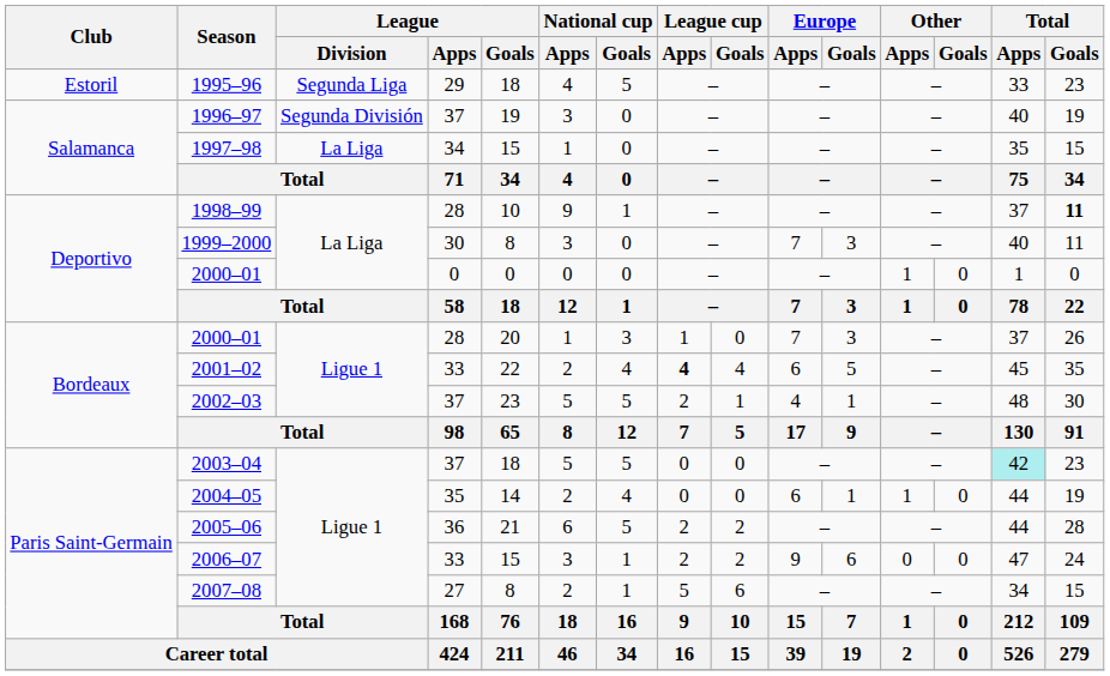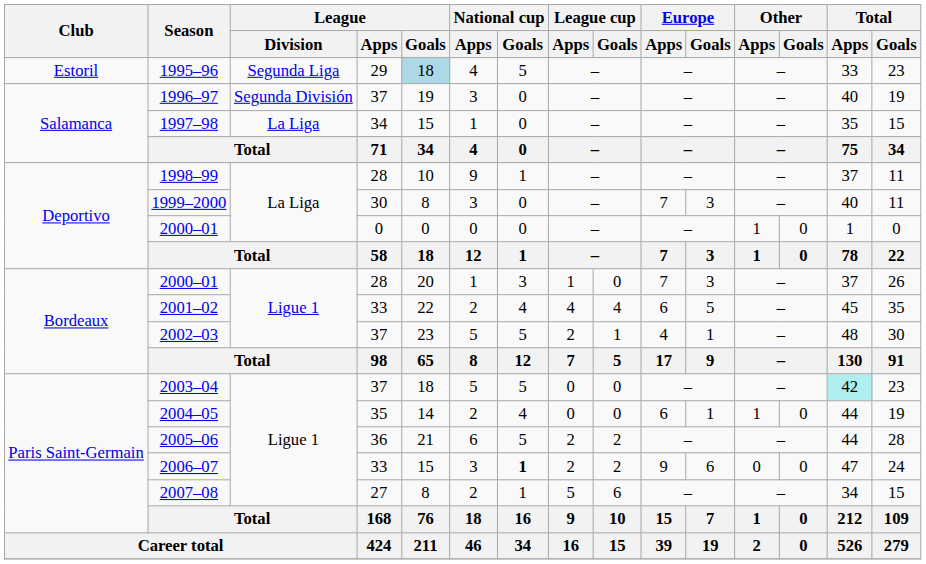 <table class="wikitable" style="text-align:center">
 <tr>
 <th rowspan="2">Club</th>
 <th rowspan="2">Season</th>
 <th colspan="3">League</th>
 <th colspan="2">National cup</th>
 <th colspan="2">League cup</th>
 <th colspan="2"><a href='#'>Europe</a></th>
 <th colspan="2">Other</th>
 <th colspan="2">Total</th>
 </tr>
 <tr>
 <th>Division</th>
 <th>Apps</th>
 <th>Goals</th>
 <th>Apps</th>
 <th>Goals</th>
 <th>Apps</th>
 <th>Goals</th>
 <th>Apps</th>
 <th>Goals</th>
 <th>Apps</th>
 <th>Goals</th>
 <th>Apps</th>
 <th>Goals</th>
 </tr>
 <tr>
 <td><a href='#'>Estoril</a></td>
 <td><a href='#'>1995–96</a></td>
 <td><a href='#'>Segunda Liga</a></td>
 <td>29</td>
-<td>18</td>
+<td style="background: lightblue;">18</td>
 <td>4</td>
 <td>5</td>
 <td colspan="2">–</td>
 <td colspan="2">–</td>
 <td colspan="2">–</td>
 <td>33</td>
 <td>23</td>
 </tr>
 <tr>
 <td rowspan="3"><a href='#'>Salamanca</a></td>
 <td><a href='#'>1996–97</a></td>
 <td><a href='#'>Segunda División</a></td>
 <td>37</td>
 <td>19</td>
 <td>3</td>
 <td>0</td>
 <td colspan="2">–</td>
 <td colspan="2">–</td>
 <td colspan="2">–</td>
 <td>40</td>
 <td>19</td>
 </tr>
 <tr>
 <td><a href='#'>1997–98</a></td>
 <td><a href='#'>La Liga</a></td>
 <td>34</td>
 <td>15</td>
 <td>1</td>
 <td>0</td>
 <td colspan="2">–</td>
 <td colspan="2">–</td>
 <td colspan="2">–</td>
 <td>35</td>
 <td>15</td>
 </tr>
 <tr>
 <th colspan="2">Total</th>
 <th>71</th>
 <th>34</th>
 <th>4</th>
 <th>0</th>
 <th colspan="2">–</th>
 <th colspan="2">–</th>
 <th colspan="2">–</th>
 <th>75</th>
 <th>34</th>
 </tr>
 <tr>
 <td rowspan="4"><a href='#'>Deportivo</a></td>
 <td><a href='#'>1998–99</a></td>
 <td rowspan="3">La Liga</td>
 <td>28</td>
 <td>10</td>
 <td>9</td>
 <td>1</td>
 <td colspan="2">–</td>
 <td colspan="2">–</td>
 <td colspan="2">–</td>
 <td>37</td>
-<td><strong>11</strong></td>
+<td>11</td>
 </tr>
 <tr>
 <td><a href='#'>1999–2000</a></td>
 <td>30</td>
 <td>8</td>
 <td>3</td>
 <td>0</td>
 <td colspan="2">–</td>
 <td>7</td>
 <td>3</td>
 <td colspan="2">–</td>
 <td>40</td>
 <td>11</td>
 </tr>
 <tr>
 <td><a href='#'>2000–01</a></td>
 <td>0</td>
 <td>0</td>
 <td>0</td>
 <td>0</td>
 <td colspan="2">–</td>
 <td colspan="2">–</td>
 <td>1</td>
 <td>0</td>
 <td>1</td>
 <td>0</td>
 </tr>
 <tr>
 <th colspan="2">Total</th>
 <th>58</th>
 <th>18</th>
 <th>12</th>
 <th>1</th>
 <th colspan="2">–</th>
 <th>7</th>
 <th>3</th>
 <th>1</th>
 <th>0</th>
 <th>78</th>
 <th>22</th>
 </tr>
 <tr>
 <td rowspan="4"><a href='#'>Bordeaux</a></td>
 <td><a href='#'>2000–01</a></td>
 <td rowspan="3"><a href='#'>Ligue 1</a></td>
 <td>28</td>
 <td>20</td>
 <td>1</td>
 <td>3</td>
 <td>1</td>
 <td>0</td>
 <td>7</td>
 <td>3</td>
 <td colspan="2">–</td>
 <td>37</td>
 <td>26</td>
 </tr>
 <tr>
 <td><a href='#'>2001–02</a></td>
 <td>33</td>
 <td>22</td>
 <td>2</td>
 <td>4</td>
-<td><strong>4</strong></td>
+<td>4</td>
 <td>4</td>
 <td>6</td>
 <td>5</td>
 <td colspan="2">–</td>
 <td>45</td>
 <td>35</td>
 </tr>
 <tr>
 <td><a href='#'>2002–03</a></td>
 <td>37</td>
 <td>23</td>
 <td>5</td>
 <td>5</td>
 <td>2</td>
 <td>1</td>
 <td>4</td>
 <td>1</td>
 <td colspan="2">–</td>
 <td>48</td>
 <td>30</td>
 </tr>
 <tr>
 <th colspan="2">Total</th>
 <th>98</th>
 <th>65</th>
 <th>8</th>
 <th>12</th>
 <th>7</th>
 <th>5</th>
 <th>17</th>
 <th>9</th>
 <th colspan="2">–</th>
 <th>130</th>
 <th>91</th>
 </tr>
 <tr>
 <td rowspan="6"><a href='#'>Paris Saint-Germain</a></td>
 <td><a href='#'>2003–04</a></td>
 <td rowspan="5">Ligue 1</td>
 <td>37</td>
 <td>18</td>
 <td>5</td>
 <td>5</td>
 <td>0</td>
 <td>0</td>
 <td colspan="2">–</td>
 <td colspan="2">–</td>
 <td style="background: paleturquoise;">42</td>
 <td>23</td>
 </tr>
 <tr>
 <td><a href='#'>2004–05</a></td>
 <td>35</td>
 <td>14</td>
 <td>2</td>
 <td>4</td>
 <td>0</td>
 <td>0</td>
 <td>6</td>
 <td>1</td>
 <td>1</td>
 <td>0</td>
 <td>44</td>
 <td>19</td>
 </tr>
 <tr>
 <td><a href='#'>2005–06</a></td>
 <td>36</td>
 <td>21</td>
 <td>6</td>
 <td>5</td>
 <td>2</td>
 <td>2</td>
 <td colspan="2">–</td>
 <td colspan="2">–</td>
 <td>44</td>
 <td>28</td>
 </tr>
 <tr>
 <td><a href='#'>2006–07</a></td>
 <td>33</td>
 <td>15</td>
 <td>3</td>
-<td>1</td>
+<td><strong>1</strong></td>
 <td>2</td>
 <td>2</td>
 <td>9</td>
 <td>6</td>
 <td>0</td>
 <td>0</td>
 <td>47</td>
 <td>24</td>
 </tr>
 <tr>
 <td><a href='#'>2007–08</a></td>
 <td>27</td>
 <td>8</td>
 <td>2</td>
 <td>1</td>
 <td>5</td>
 <td>6</td>
 <td colspan="2">–</td>
 <td colspan="2">–</td>
 <td>34</td>
 <td>15</td>
 </tr>
 <tr>
 <th colspan="2">Total</th>
 <th>168</th>
 <th>76</th>
 <th>18</th>
 <th>16</th>
 <th>9</th>
 <th>10</th>
 <th>15</th>
 <th>7</th>
 <th>1</th>
 <th>0</th>
 <th>212</th>
 <th>109</th>
 </tr>
 <tr>
 <th colspan="3">Career total</th>
 <th>424</th>
 <th>211</th>
 <th>46</th>
 <th>34</th>
 <th>16</th>
 <th>15</th>
 <th>39</th>
 <th>19</th>
 <th>2</th>
 <th>0</th>
 <th>526</th>
 <th>279</th>
 </tr>
 <tr>
 </tr>
 </table>
